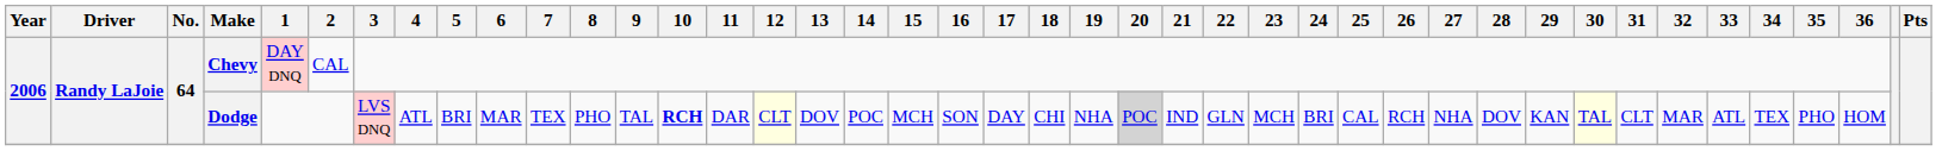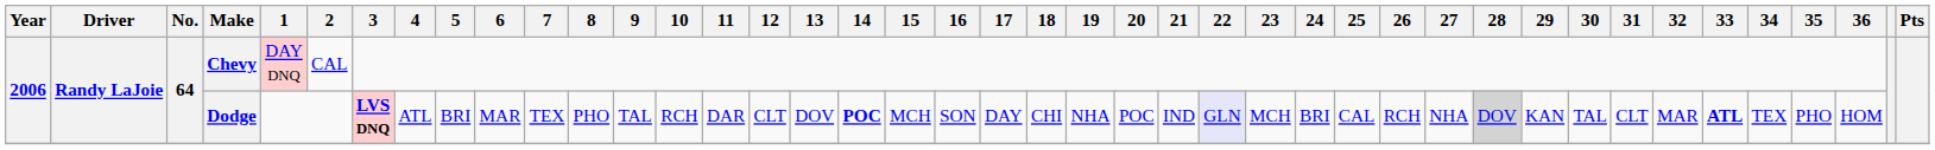 <table class="wikitable" style="text-align:center; font-size:75%">
 <tr>
 <th>Year</th>
 <th>Driver</th>
 <th>No.</th>
 <th>Make</th>
 <th>1</th>
 <th>2</th>
 <th>3</th>
 <th>4</th>
 <th>5</th>
 <th>6</th>
 <th>7</th>
 <th>8</th>
 <th>9</th>
 <th>10</th>
 <th>11</th>
 <th>12</th>
 <th>13</th>
 <th>14</th>
 <th>15</th>
 <th>16</th>
 <th>17</th>
 <th>18</th>
 <th>19</th>
 <th>20</th>
 <th>21</th>
 <th>22</th>
 <th>23</th>
 <th>24</th>
 <th>25</th>
 <th>26</th>
 <th>27</th>
 <th>28</th>
 <th>29</th>
 <th>30</th>
 <th>31</th>
 <th>32</th>
 <th>33</th>
 <th>34</th>
 <th>35</th>
 <th>36</th>
 <th></th>
 <th>Pts</th>
 </tr>
 <tr>
 <th rowspan=2><a href='#'>2006</a></th>
 <th rowspan=2><a href='#'>Randy LaJoie</a></th>
 <th rowspan=2>64</th>
 <th><a href='#'>Chevy</a></th>
 <td style="background:#FFCFCF;"><a href='#'>DAY</a><br><small>DNQ</small></td>
 <td><a href='#'>CAL</a></td>
 <td colspan=34></td>
 <th rowspan=2></th>
 <th rowspan=2></th>
 </tr>
 <tr>
 <th><a href='#'>Dodge</a></th>
 <td colspan=2></td>
-<td style="background:#FFCFCF;"><a href='#'>LVS</a><br><small>DNQ</small></td>
+<td style="background:#FFCFCF;"><strong><a href='#'>LVS</a><br><small>DNQ</small></strong></td>
 <td><a href='#'>ATL</a></td>
 <td><a href='#'>BRI</a></td>
 <td><a href='#'>MAR</a></td>
 <td><a href='#'>TEX</a></td>
 <td><a href='#'>PHO</a></td>
 <td><a href='#'>TAL</a></td>
-<td><strong><a href='#'>RCH</a></strong></td>
+<td><a href='#'>RCH</a></td>
 <td><a href='#'>DAR</a></td>
-<td style="background: lightyellow;"><a href='#'>CLT</a></td>
+<td><a href='#'>CLT</a></td>
 <td><a href='#'>DOV</a></td>
-<td><a href='#'>POC</a></td>
+<td><strong><a href='#'>POC</a></strong></td>
 <td><a href='#'>MCH</a></td>
 <td><a href='#'>SON</a></td>
 <td><a href='#'>DAY</a></td>
 <td><a href='#'>CHI</a></td>
 <td><a href='#'>NHA</a></td>
-<td style="background: lightgrey;"><a href='#'>POC</a></td>
+<td><a href='#'>POC</a></td>
 <td><a href='#'>IND</a></td>
-<td><a href='#'>GLN</a></td>
+<td style="background: lavender;"><a href='#'>GLN</a></td>
 <td><a href='#'>MCH</a></td>
 <td><a href='#'>BRI</a></td>
 <td><a href='#'>CAL</a></td>
 <td><a href='#'>RCH</a></td>
 <td><a href='#'>NHA</a></td>
-<td><a href='#'>DOV</a></td>
+<td style="background: lightgrey;"><a href='#'>DOV</a></td>
 <td><a href='#'>KAN</a></td>
-<td style="background: lightyellow;"><a href='#'>TAL</a></td>
+<td><a href='#'>TAL</a></td>
 <td><a href='#'>CLT</a></td>
 <td><a href='#'>MAR</a></td>
-<td><a href='#'>ATL</a></td>
+<td><strong><a href='#'>ATL</a></strong></td>
 <td><a href='#'>TEX</a></td>
 <td><a href='#'>PHO</a></td>
 <td><a href='#'>HOM</a></td>
 </tr>
 <tr>
 </tr>
 </table>
